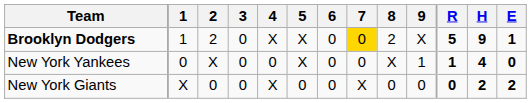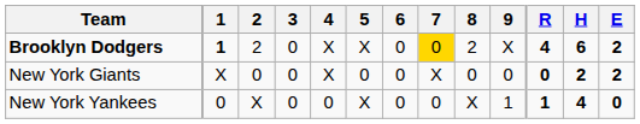 <table class="wikitable" style="text-align: center; margin-left: auto; margin-right: auto; border: none;">
 <tr>
 <th style="border-right-width:2px; width:170px"><strong>Team</strong></th>
 <th style="border-style: solid solid solid 2px; width:25px"><strong>1</strong></th>
 <th style="border-style: solid solid solid 2px; width:25px"><strong>2</strong></th>
 <th style="border-style: solid solid solid 2px; width:25px"><strong>3</strong></th>
 <th style="border-style: solid solid solid 2px; width:25px"><strong>4</strong></th>
 <th style="border-style: solid solid solid 2px; width:25px"><strong>5</strong></th>
 <th style="border-style: solid solid solid 2px; width:25px"><strong>6</strong></th>
 <th style="border-style: solid solid solid 2px; width:25px"><strong>7</strong></th>
 <th style="border-style: solid solid solid 2px; width:25px"><strong>8</strong></th>
 <th style="border-style: solid solid solid 2px; width:25px"><strong>9</strong></th>
 <th style="border-left-width:2px; width:25px"><strong><a href='#'>R</a></strong></th>
 <th style="border-style: solid solid solid 2px; width:25px"><strong><a href='#'>H</a></strong></th>
 <th style="border-style: solid solid solid 2px; width:25px"><strong><a href='#'>E</a></strong></th>
 </tr>
 <tr>
 <td style="border-right-width:2px; text-align: left"><strong>Brooklyn Dodgers</strong></td>
-<td>1</td>
+<td><strong>1</strong></td>
 <td>2</td>
 <td>0</td>
 <td>X</td>
 <td>X</td>
 <td>0</td>
 <td style="background: gold;">0</td>
 <td>2</td>
 <td>X</td>
-<td style="border-left-width:2px;"><strong>5</strong></td>
-<td><strong>9</strong></td>
-<td><strong>1</strong></td>
+<td style="border-left-width:2px;"><strong>4</strong></td>
+<td><strong>6</strong></td>
+<td><strong>2</strong></td>
+</tr>
+<tr>
+<td style="border-right-width:2px; text-align: left">New York Giants</td>
+<td>X</td>
+<td>0</td>
+<td>0</td>
+<td>X</td>
+<td>0</td>
+<td>0</td>
+<td>X</td>
+<td>0</td>
+<td>0</td>
+<td style="border-left-width:2px;"><strong>0</strong></td>
+<td><strong>2</strong></td>
+<td><strong>2</strong></td>
 </tr>
 <tr>
 <td style="border-right-width:2px; text-align: left">New York Yankees</td>
 <td>0</td>
 <td>X</td>
 <td>0</td>
 <td>0</td>
 <td>X</td>
 <td>0</td>
 <td>0</td>
 <td>X</td>
 <td>1</td>
 <td style="border-left-width:2px;"><strong>1</strong></td>
 <td><strong>4</strong></td>
 <td><strong>0</strong></td>
 </tr>
-<tr>
-<td style="border-right-width:2px; text-align: left">New York Giants</td>
-<td>X</td>
-<td>0</td>
-<td>0</td>
-<td>X</td>
-<td>0</td>
-<td>0</td>
-<td>X</td>
-<td>0</td>
-<td>0</td>
-<td style="border-left-width:2px;"><strong>0</strong></td>
-<td><strong>2</strong></td>
-<td><strong>2</strong></td>
-</tr>
 </table>
